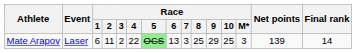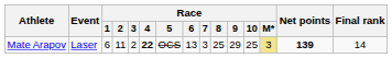 <table class="wikitable" style="font-size:90%">
 <tr>
 <th rowspan=2>Athlete</th>
 <th rowspan=2>Event</th>
 <th colspan=11>Race</th>
 <th rowspan=2>Net points</th>
 <th rowspan=2>Final rank</th>
 </tr>
 <tr style="font-size:95%">
 <th>1</th>
 <th>2</th>
 <th>3</th>
 <th>4</th>
 <th>5</th>
 <th>6</th>
 <th>7</th>
 <th>8</th>
 <th>9</th>
 <th>10</th>
 <th>M*</th>
 </tr>
 <tr align=center>
 <td align=left><a href='#'>Mate Arapov</a></td>
 <td align=left><a href='#'>Laser</a></td>
 <td>6</td>
 <td>11</td>
 <td>2</td>
-<td>22</td>
-<td style="background: lightgreen;"><s>OCS</s></td>
+<td><strong>22</strong></td>
+<td><s>OCS</s></td>
 <td>13</td>
 <td>3</td>
 <td>25</td>
 <td>29</td>
 <td>25</td>
-<td>3</td>
-<td>139</td>
+<td style="background: khaki;">3</td>
+<td><strong>139</strong></td>
 <td>14</td>
 </tr>
 </table>
